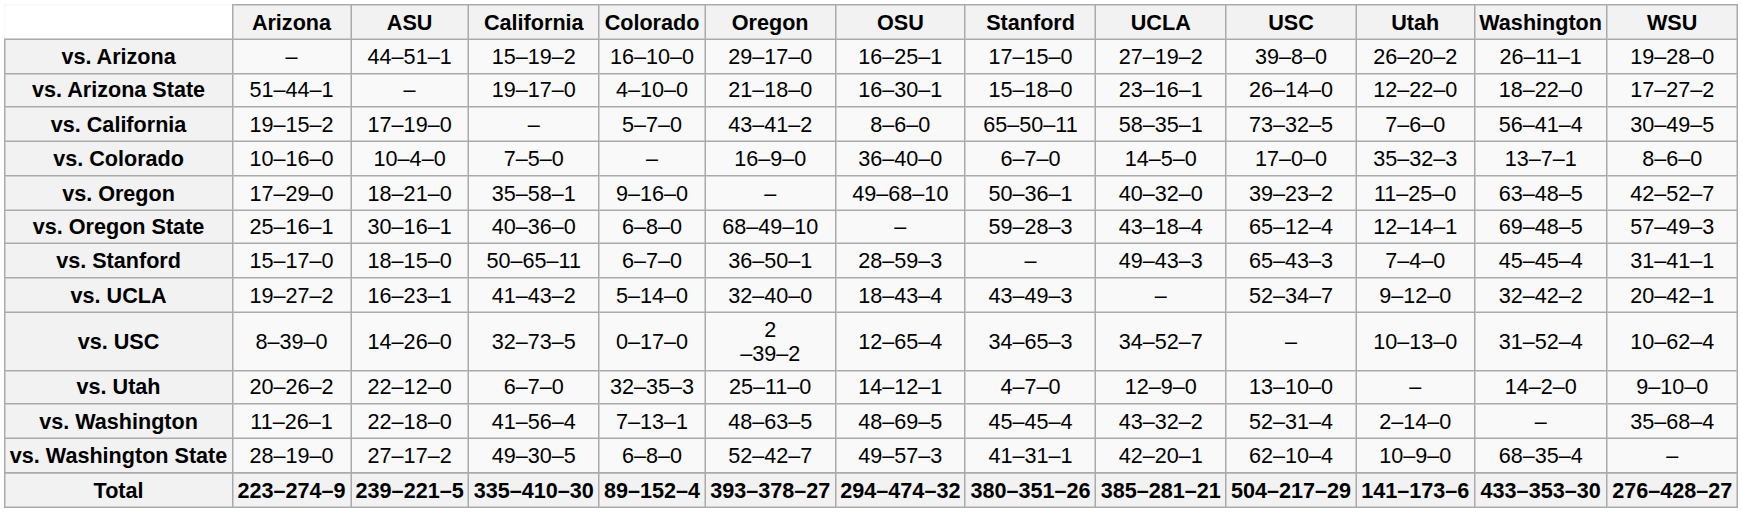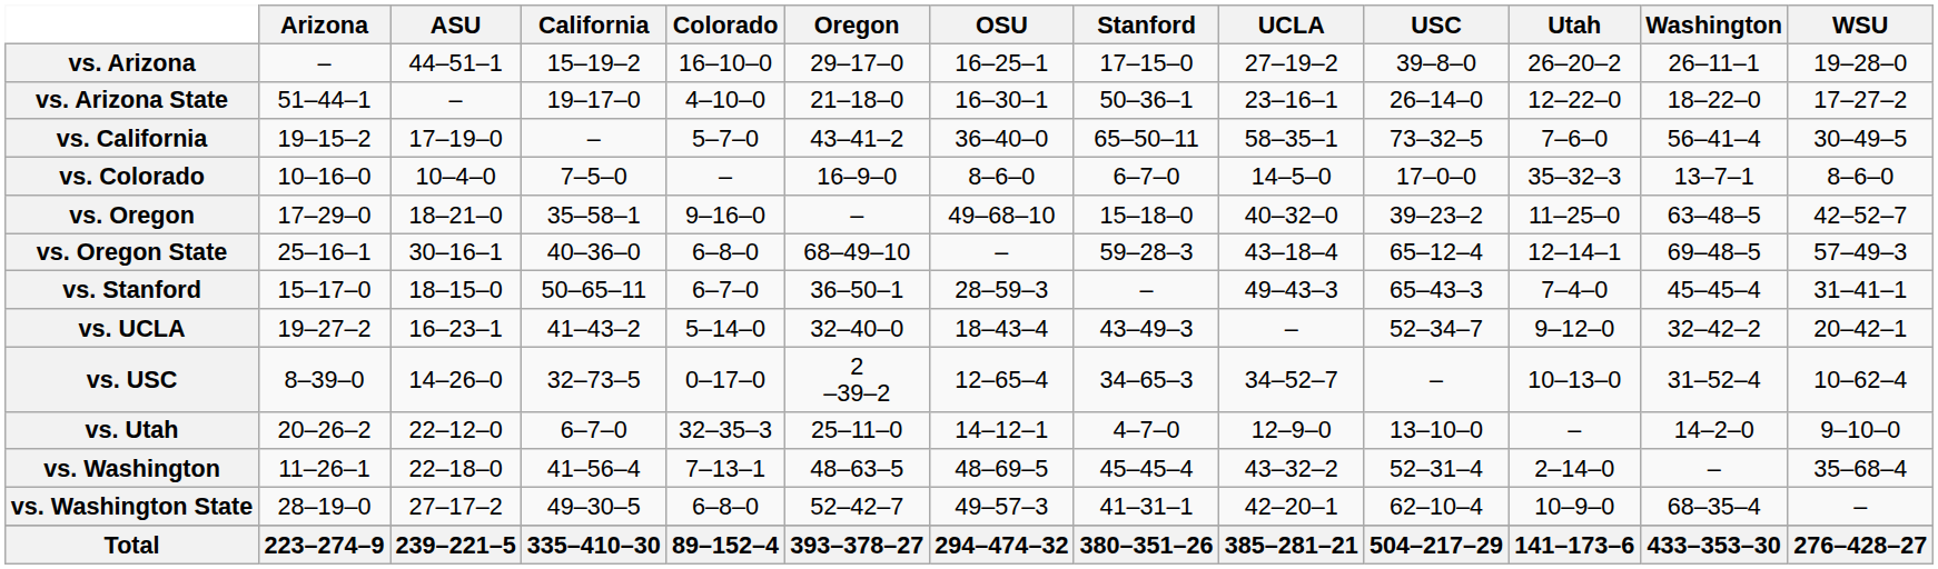 <table class="wikitable" style="white-space:nowrap;font-size:90%;">
 <tr>
 <th colspan=1 style="background:white; border-top-style:hidden; border-left-style:hidden;"   width=110> </th>
 <th>Arizona</th>
 <th>ASU</th>
 <th>California</th>
 <th>Colorado</th>
 <th>Oregon</th>
 <th>OSU</th>
 <th>Stanford</th>
 <th>UCLA</th>
 <th>USC</th>
 <th>Utah</th>
 <th>Washington</th>
 <th>WSU</th>
 </tr>
 <tr style="text-align:center;">
 <th>vs. Arizona</th>
 <td>–</td>
 <td>44–51–1</td>
 <td>15–19–2</td>
 <td>16–10–0</td>
 <td>29–17–0</td>
 <td>16–25–1</td>
 <td>17–15–0</td>
 <td>27–19–2</td>
 <td>39–8–0</td>
 <td>26–20–2</td>
 <td>26–11–1</td>
 <td>19–28–0</td>
 </tr>
 <tr style="text-align:center;">
 <th>vs. Arizona State</th>
 <td>51–44–1</td>
 <td>–</td>
 <td>19–17–0</td>
 <td>4–10–0</td>
 <td>21–18–0</td>
 <td>16–30–1</td>
-<td>15–18–0</td>
+<td>50–36–1</td>
 <td>23–16–1</td>
 <td>26–14–0</td>
 <td>12–22–0</td>
 <td>18–22–0</td>
 <td>17–27–2</td>
 </tr>
 <tr style="text-align:center;">
 <th>vs. California</th>
 <td>19–15–2</td>
 <td>17–19–0</td>
 <td>–</td>
 <td>5–7–0</td>
 <td>43–41–2</td>
-<td>8–6–0</td>
+<td>36–40–0</td>
 <td>65–50–11</td>
 <td>58–35–1</td>
 <td>73–32–5</td>
 <td>7–6–0</td>
 <td>56–41–4</td>
 <td>30–49–5</td>
 </tr>
 <tr style="text-align:center;">
 <th>vs. Colorado</th>
 <td>10–16–0</td>
 <td>10–4–0</td>
 <td>7–5–0</td>
 <td>–</td>
 <td>16–9–0</td>
-<td>36–40–0</td>
+<td>8–6–0</td>
 <td>6–7–0</td>
 <td>14–5–0</td>
 <td>17–0–0</td>
 <td>35–32–3</td>
 <td>13–7–1</td>
 <td>8–6–0</td>
 </tr>
 <tr style="text-align:center;">
 <th>vs. Oregon</th>
 <td>17–29–0</td>
 <td>18–21–0</td>
 <td>35–58–1</td>
 <td>9–16–0</td>
 <td>–</td>
 <td>49–68–10</td>
-<td>50–36–1</td>
+<td>15–18–0</td>
 <td>40–32–0</td>
 <td>39–23–2</td>
 <td>11–25–0</td>
 <td>63–48–5</td>
 <td>42–52–7</td>
 </tr>
 <tr style="text-align:center;">
 <th>vs. Oregon State</th>
 <td>25–16–1</td>
 <td>30–16–1</td>
 <td>40–36–0</td>
 <td>6–8–0</td>
 <td>68–49–10</td>
 <td>–</td>
 <td>59–28–3</td>
 <td>43–18–4</td>
 <td>65–12–4</td>
 <td>12–14–1</td>
 <td>69–48–5</td>
 <td>57–49–3</td>
 </tr>
 <tr style="text-align:center;">
 <th>vs. Stanford</th>
 <td>15–17–0</td>
 <td>18–15–0</td>
 <td>50–65–11</td>
 <td>6–7–0</td>
 <td>36–50–1</td>
 <td>28–59–3</td>
 <td>–</td>
 <td>49–43–3</td>
 <td>65–43–3</td>
 <td>7–4–0</td>
 <td>45–45–4</td>
 <td>31–41–1</td>
 </tr>
 <tr style="text-align:center;">
 <th>vs. UCLA</th>
 <td>19–27–2</td>
 <td>16–23–1</td>
 <td>41–43–2</td>
 <td>5–14–0</td>
 <td>32–40–0</td>
 <td>18–43–4</td>
 <td>43–49–3</td>
 <td>–</td>
 <td>52–34–7</td>
 <td>9–12–0</td>
 <td>32–42–2</td>
 <td>20–42–1</td>
 </tr>
 <tr style="text-align:center;">
 <th>vs. USC</th>
 <td>8–39–0</td>
 <td>14–26–0</td>
 <td>32–73–5</td>
 <td>0–17–0</td>
 <td>2<br>–39–2</td>
 <td>12–65–4</td>
 <td>34–65–3</td>
 <td>34–52–7</td>
 <td>–</td>
 <td>10–13–0</td>
 <td>31–52–4</td>
 <td>10–62–4</td>
 </tr>
 <tr style="text-align:center;">
 <th>vs. Utah</th>
 <td>20–26–2</td>
 <td>22–12–0</td>
 <td>6–7–0</td>
 <td>32–35–3</td>
 <td>25–11–0</td>
 <td>14–12–1</td>
 <td>4–7–0</td>
 <td>12–9–0</td>
 <td>13–10–0</td>
 <td>–</td>
 <td>14–2–0</td>
 <td>9–10–0</td>
 </tr>
 <tr style="text-align:center;">
 <th>vs. Washington</th>
 <td>11–26–1</td>
 <td>22–18–0</td>
 <td>41–56–4</td>
 <td>7–13–1</td>
 <td>48–63–5</td>
 <td>48–69–5</td>
 <td>45–45–4</td>
 <td>43–32–2</td>
 <td>52–31–4</td>
 <td>2–14–0</td>
 <td>–</td>
 <td>35–68–4</td>
 </tr>
 <tr style="text-align:center;">
 <th>vs. Washington State</th>
 <td>28–19–0</td>
 <td>27–17–2</td>
 <td>49–30–5</td>
 <td>6–8–0</td>
 <td>52–42–7</td>
 <td>49–57–3</td>
 <td>41–31–1</td>
 <td>42–20–1</td>
 <td>62–10–4</td>
 <td>10–9–0</td>
 <td>68–35–4</td>
 <td>–</td>
 </tr>
 <tr style="text-align:center;">
 </tr>
 <tr style="text-align:center;">
 <th>Total</th>
 <th>223–274–9</th>
 <th>239–221–5</th>
 <th>335–410–30</th>
 <th>89–152–4</th>
 <th>393–378–27</th>
 <th>294–474–32</th>
 <th>380–351–26</th>
 <th>385–281–21</th>
 <th>504–217–29</th>
 <th>141–173–6</th>
 <th>433–353–30</th>
 <th>276–428–27</th>
 </tr>
 </table>
